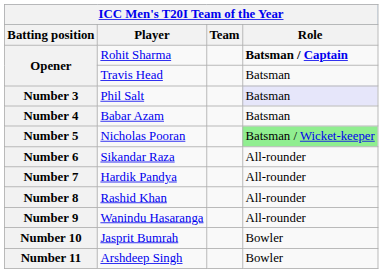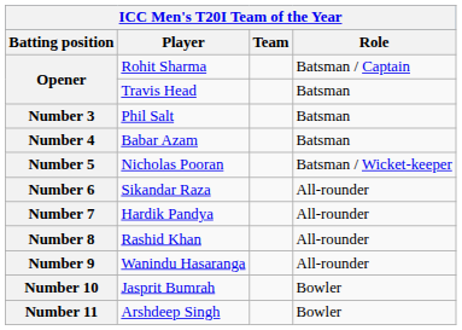 <table class="wikitable plainrowheaders">
 <tr style="background:#9cf;">
 <th colspan="5"><a href='#'>ICC Men's T20I Team of the Year</a></th>
 </tr>
 <tr>
 <th>Batting position</th>
 <th>Player</th>
 <th>Team</th>
 <th>Role</th>
 </tr>
 <tr>
 <th scope=row style=text-align:center; rowspan=2>Opener</th>
 <td><a href='#'>Rohit Sharma</a></td>
 <td></td>
-<td><strong>Batsman / <a href='#'>Captain</a></strong></td>
+<td>Batsman / <a href='#'>Captain</a></td>
 </tr>
 <tr>
 <td><a href='#'>Travis Head</a></td>
 <td></td>
 <td>Batsman</td>
 </tr>
 <tr>
 <th scope=row style=text-align:center;>Number 3</th>
 <td><a href='#'>Phil Salt</a></td>
 <td></td>
-<td style="background: lavender;">Batsman</td>
+<td>Batsman</td>
 </tr>
 <tr>
 <th scope=row style=text-align:center;>Number 4</th>
 <td><a href='#'>Babar Azam</a></td>
 <td></td>
 <td>Batsman</td>
 </tr>
 <tr>
 <th scope=row style=text-align:center;>Number 5</th>
 <td><a href='#'>Nicholas Pooran</a></td>
 <td></td>
-<td style="background: lightgreen;">Batsman / <a href='#'>Wicket-keeper</a></td>
+<td>Batsman / <a href='#'>Wicket-keeper</a></td>
 </tr>
 <tr>
 <th scope=row style=text-align:center;>Number 6</th>
 <td><a href='#'>Sikandar Raza</a></td>
 <td></td>
 <td>All-rounder</td>
 </tr>
 <tr>
 <th scope=row style=text-align:center;>Number 7</th>
 <td><a href='#'>Hardik Pandya</a></td>
 <td></td>
 <td>All-rounder</td>
 </tr>
 <tr>
 <th scope=row style=text-align:center;>Number 8</th>
 <td><a href='#'>Rashid Khan</a></td>
 <td></td>
 <td>All-rounder</td>
 </tr>
 <tr>
 <th scope=row style=text-align:center;>Number 9</th>
 <td><a href='#'>Wanindu Hasaranga</a></td>
 <td></td>
 <td>All-rounder</td>
 </tr>
 <tr>
 <th scope=row style=text-align:center;>Number 10</th>
 <td><a href='#'>Jasprit Bumrah</a></td>
 <td></td>
 <td>Bowler</td>
 </tr>
 <tr>
 <th scope=row style=text-align:center;>Number 11</th>
 <td><a href='#'>Arshdeep Singh</a></td>
 <td></td>
 <td>Bowler</td>
 </tr>
 </table>
